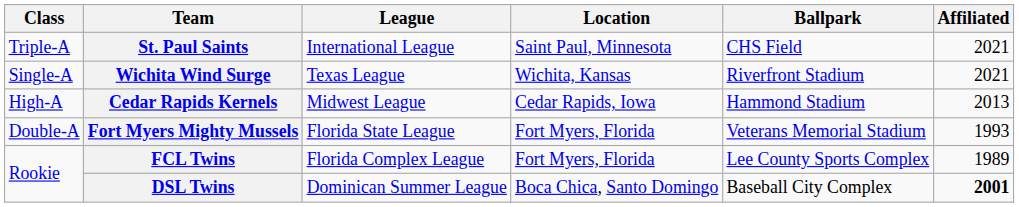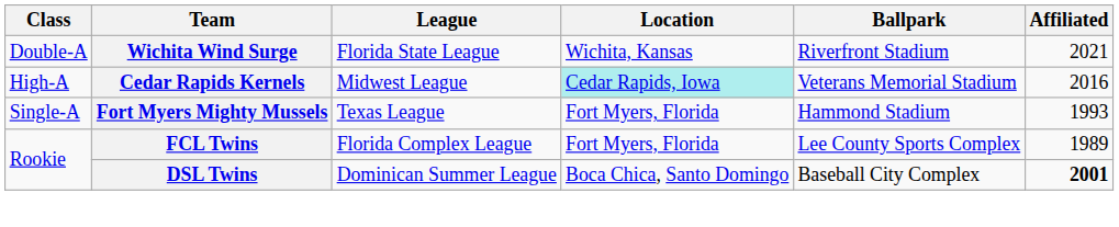 <table class="wikitable plainrowheaders sortable">
 <tr>
 <th scope="col">Class</th>
 <th scope="col">Team</th>
 <th scope="col">League</th>
 <th scope="col">Location</th>
 <th scope="col">Ballpark</th>
 <th scope="col">Affiliated</th>
 </tr>
 <tr>
-<td><a href='#'>Triple-A</a></td>
-<th scope="row"><a href='#'>St. Paul Saints</a></th>
-<td><a href='#'>International League</a></td>
-<td><a href='#'>Saint Paul, Minnesota</a></td>
-<td><a href='#'>CHS Field</a></td>
-<td align="right">2021</td>
-</tr>
-<tr>
-<td><a href='#'>Single-A</a></td>
+<td><a href='#'>Double-A</a></td>
 <th scope="row"><a href='#'>Wichita Wind Surge</a></th>
-<td><a href='#'>Texas League</a></td>
+<td><a href='#'>Florida State League</a></td>
 <td><a href='#'>Wichita, Kansas</a></td>
 <td><a href='#'>Riverfront Stadium</a></td>
 <td align="right">2021</td>
 </tr>
 <tr>
 <td><a href='#'>High-A</a></td>
 <th scope="row"><a href='#'>Cedar Rapids Kernels</a></th>
 <td><a href='#'>Midwest League</a></td>
-<td><a href='#'>Cedar Rapids, Iowa</a></td>
-<td><a href='#'>Hammond Stadium</a></td>
-<td align="right">2013</td>
+<td style="background: paleturquoise;"><a href='#'>Cedar Rapids, Iowa</a></td>
+<td><a href='#'>Veterans Memorial Stadium</a></td>
+<td align="right">2016</td>
 </tr>
 <tr>
-<td><a href='#'>Double-A</a></td>
+<td><a href='#'>Single-A</a></td>
 <th scope="row"><a href='#'>Fort Myers Mighty Mussels</a></th>
-<td><a href='#'>Florida State League</a></td>
+<td><a href='#'>Texas League</a></td>
 <td><a href='#'>Fort Myers, Florida</a></td>
-<td><a href='#'>Veterans Memorial Stadium</a></td>
+<td><a href='#'>Hammond Stadium</a></td>
 <td align="right">1993</td>
 </tr>
 <tr>
 <td rowspan=2><a href='#'>Rookie</a></td>
 <th scope="row"><a href='#'>FCL Twins</a></th>
 <td><a href='#'>Florida Complex League</a></td>
 <td><a href='#'>Fort Myers, Florida</a></td>
 <td><a href='#'>Lee County Sports Complex</a></td>
 <td align="right">1989</td>
 </tr>
 <tr>
 <th scope="row"><a href='#'>DSL Twins</a></th>
 <td><a href='#'>Dominican Summer League</a></td>
 <td><a href='#'>Boca Chica</a>, <a href='#'>Santo Domingo</a></td>
 <td>Baseball City Complex</td>
 <td align="right"><strong>2001</strong></td>
 </tr>
 </table>
